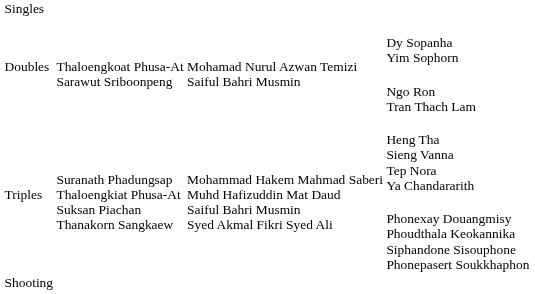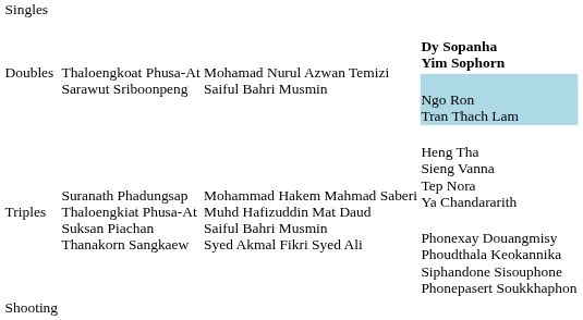 <table>
 <tr>
 <td rowspan=2>Singles<br></td>
 <td rowspan=2></td>
 <td rowspan=2></td>
 <td></td>
 </tr>
 <tr>
 <td></td>
 </tr>
 <tr>
 <td rowspan=2>Doubles<br></td>
 <td rowspan=2><br>Thaloengkoat Phusa-At<br>Sarawut Sriboonpeng</td>
 <td rowspan=2><br>Mohamad Nurul Azwan Temizi<br>Saiful Bahri Musmin</td>
-<td><br>Dy Sopanha<br>Yim Sophorn</td>
+<td><strong><br>Dy Sopanha<br>Yim Sophorn</strong></td>
 </tr>
 <tr>
-<td><br>Ngo Ron<br>Tran Thach Lam</td>
+<td style="background: lightblue;"><br>Ngo Ron<br>Tran Thach Lam</td>
 </tr>
 <tr>
 <td rowspan=2>Triples<br></td>
 <td rowspan=2><br>Suranath Phadungsap<br>Thaloengkiat Phusa-At<br>Suksan Piachan<br>Thanakorn Sangkaew</td>
 <td rowspan=2><br>Mohammad Hakem Mahmad Saberi<br>Muhd Hafizuddin Mat Daud<br>Saiful Bahri Musmin<br>Syed Akmal Fikri Syed Ali</td>
 <td><br>Heng Tha<br>Sieng Vanna<br>Tep Nora<br>Ya Chandararith</td>
 </tr>
 <tr>
 <td><br>Phonexay Douangmisy<br>Phoudthala Keokannika<br>Siphandone Sisouphone<br>Phonepasert Soukkhaphon</td>
 </tr>
 <tr>
 <td rowspan=2>Shooting<br></td>
 <td rowspan=2></td>
 <td rowspan=2></td>
 <td></td>
 </tr>
 <tr>
 <td></td>
 </tr>
 <tr>
 </tr>
 </table>
